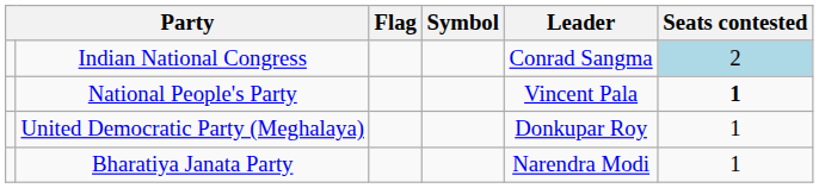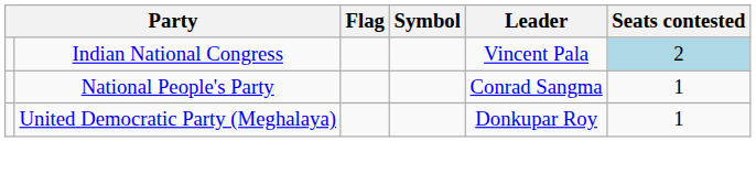 <table class="wikitable"  style="text-align:center">
 <tr>
 <th colspan="2">Party</th>
 <th>Flag</th>
 <th>Symbol</th>
 <th>Leader</th>
 <th>Seats contested</th>
 </tr>
 <tr>
 <td style="text-align:center; background:"></td>
 <td><a href='#'>Indian National Congress</a></td>
 <td></td>
 <td></td>
-<td><a href='#'>Conrad Sangma</a></td>
+<td><a href='#'>Vincent Pala</a></td>
 <td style="background: lightblue;">2</td>
 </tr>
 <tr>
 <td ! style="text-align:center; background:"></td>
 <td><a href='#'>National People's Party</a></td>
 <td></td>
 <td></td>
-<td><a href='#'>Vincent Pala</a></td>
-<td><strong>1</strong></td>
+<td><a href='#'>Conrad Sangma</a></td>
+<td>1</td>
 </tr>
 <tr>
 <td style="text-align:center; background:"></td>
 <td><a href='#'>United Democratic Party (Meghalaya)</a></td>
 <td></td>
 <td></td>
 <td><a href='#'>Donkupar Roy</a></td>
 <td>1</td>
 </tr>
-<tr>
-<td style="text-align:center; background:"></td>
-<td><a href='#'>Bharatiya Janata Party</a></td>
-<td></td>
-<td></td>
-<td><a href='#'>Narendra Modi</a></td>
-<td>1</td>
-</tr>
 </table>
